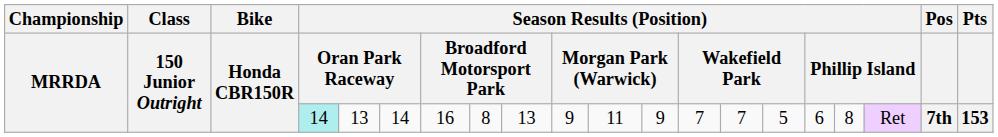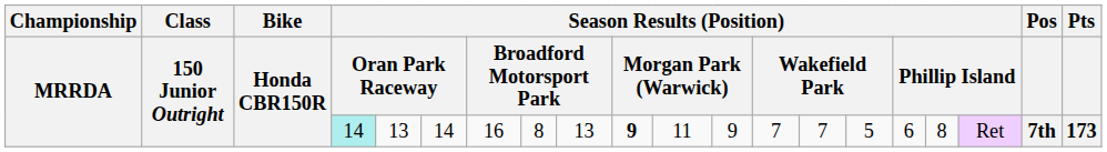 <table class="wikitable" style="text-align:center">
 <tr>
 <th>Championship</th>
 <th>Class</th>
 <th>Bike</th>
 <th colspan=15>Season Results (Position)</th>
 <th>Pos</th>
 <th>Pts</th>
 </tr>
 <tr>
 <th rowspan=2>MRRDA</th>
 <th rowspan=2>150 Junior <br> <em>Outright</em></th>
 <th rowspan=2>Honda <br> CBR150R</th>
 <th colspan=3 width="132pt">Oran Park Raceway</th>
 <th colspan=3 width="132pt">Broadford Motorsport Park</th>
 <th colspan=3 width="132pt">Morgan Park (Warwick)</th>
 <th colspan=3 width="132pt">Wakefield Park</th>
 <th colspan=3 width="132pt">Phillip Island</th>
 <th></th>
 <th></th>
 </tr>
 <tr>
 <td style="background: paleturquoise;">14</td>
 <td>13</td>
 <td>14</td>
 <td>16</td>
 <td>8</td>
 <td>13</td>
-<td>9</td>
+<td><strong>9</strong></td>
 <td>11</td>
 <td>9</td>
 <td>7</td>
 <td>7</td>
 <td>5</td>
 <td>6</td>
 <td>8</td>
 <td style="background:#efcfff;">Ret</td>
 <th>7th</th>
-<th>153</th>
+<th>173</th>
 </tr>
 </table>
